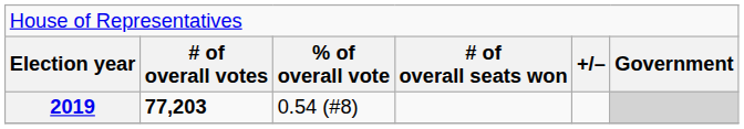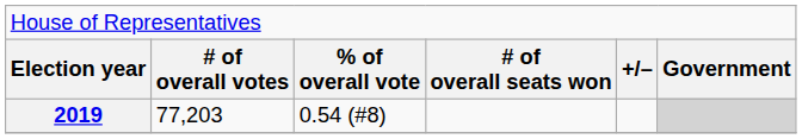 <table class=wikitable>
 <tr>
 <td colspan=6><a href='#'>House of Representatives</a></td>
 </tr>
 <tr>
 <th>Election year</th>
 <th># of<br>overall votes</th>
 <th>% of<br>overall vote</th>
 <th># of<br>overall seats won</th>
 <th>+/–</th>
 <th>Government</th>
 </tr>
 <tr>
 <th><a href='#'>2019</a></th>
-<td><strong>77,203</strong></td>
+<td>77,203</td>
 <td>0.54 (#8)</td>
 <td></td>
 <td></td>
 <td bgcolor=lightgrey></td>
 </tr>
 <tr>
 </tr>
 </table>
